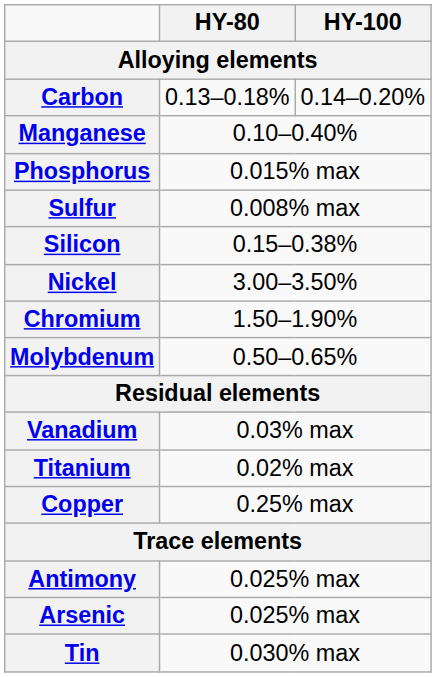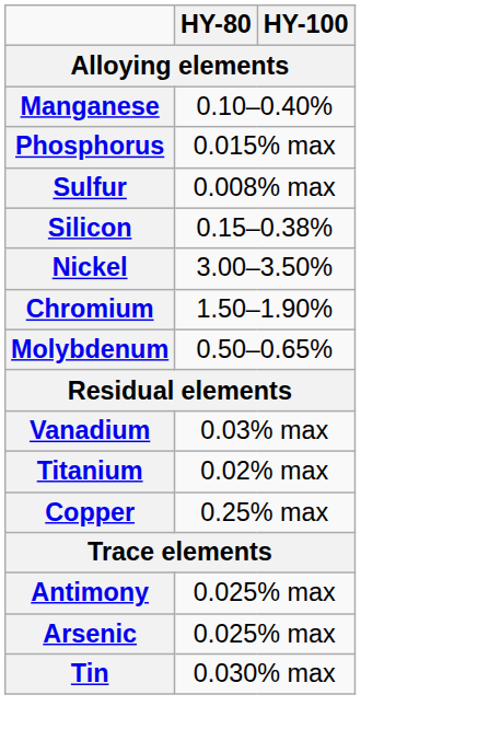 <table class="wikitable" style="text-align: center;">
 <tr>
 <td></td>
 <th>HY-80</th>
 <th>HY-100</th>
 </tr>
 <tr>
 <th colspan=3>Alloying elements</th>
-</tr>
-<tr>
-<th><a href='#'>Carbon</a></th>
-<td>0.13–0.18%</td>
-<td>0.14–0.20%</td>
 </tr>
 <tr>
 <th><a href='#'>Manganese</a></th>
 <td colspan=2>0.10–0.40%</td>
 </tr>
 <tr>
 <th><a href='#'>Phosphorus</a></th>
 <td colspan=2>0.015% max</td>
 </tr>
 <tr>
 <th><a href='#'>Sulfur</a></th>
 <td colspan=2>0.008% max</td>
 </tr>
 <tr>
 <th><a href='#'>Silicon</a></th>
 <td colspan=2>0.15–0.38%</td>
 </tr>
 <tr>
 <th><a href='#'>Nickel</a></th>
 <td colspan=2>3.00–3.50%</td>
 </tr>
 <tr>
 <th><a href='#'>Chromium</a></th>
 <td colspan=2>1.50–1.90%</td>
 </tr>
 <tr>
 <th><a href='#'>Molybdenum</a></th>
 <td colspan=2>0.50–0.65%</td>
 </tr>
 <tr>
 <th colspan=3>Residual elements</th>
 </tr>
 <tr>
 <th><a href='#'>Vanadium</a></th>
 <td colspan=2>0.03% max</td>
 </tr>
 <tr>
 <th><a href='#'>Titanium</a></th>
 <td colspan=2>0.02% max</td>
 </tr>
 <tr>
 <th><a href='#'>Copper</a></th>
 <td colspan=2>0.25% max</td>
 </tr>
 <tr>
 <th colspan=3>Trace elements</th>
 </tr>
 <tr>
 <th><a href='#'>Antimony</a></th>
 <td colspan=2>0.025% max</td>
 </tr>
 <tr>
 <th><a href='#'>Arsenic</a></th>
 <td colspan=2>0.025% max</td>
 </tr>
 <tr>
 <th><a href='#'>Tin</a></th>
 <td colspan=2>0.030% max</td>
 </tr>
 </table>
